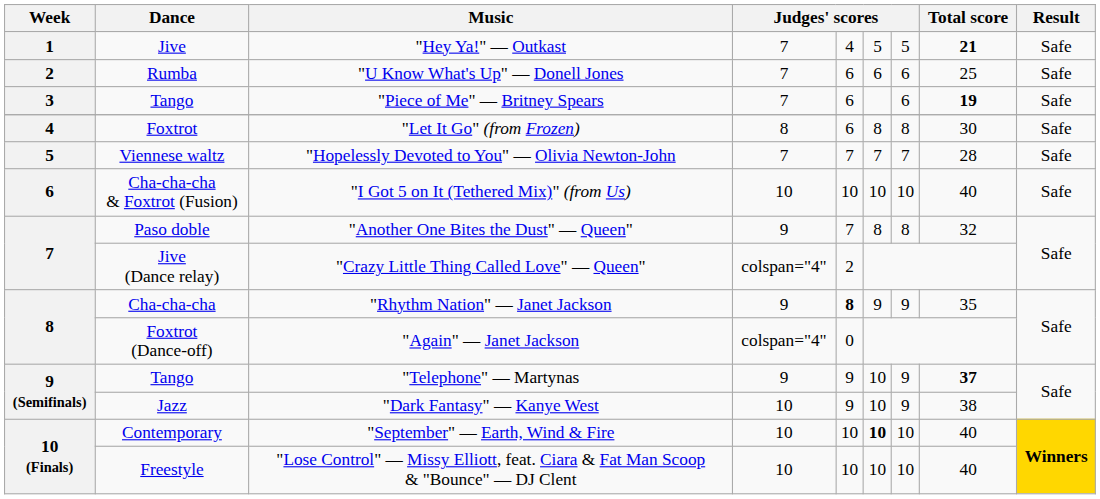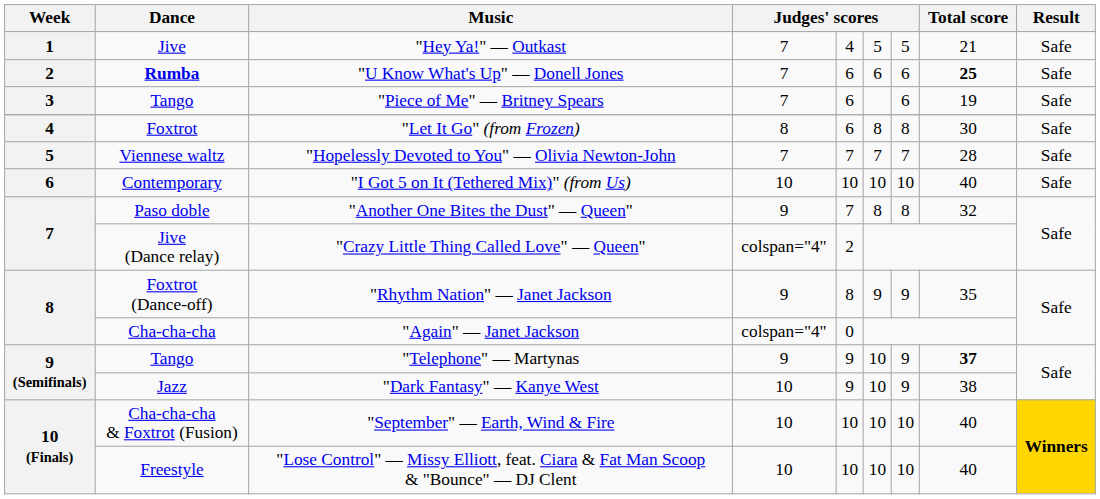 <table class="wikitable unsortable" style="text-align:center; width:80%">
 <tr>
 <th scope="col">Week</th>
 <th scope="col">Dance</th>
 <th scope="col">Music</th>
 <th scope="col" colspan="4">Judges' scores</th>
 <th scope="col">Total score</th>
 <th scope="col">Result</th>
 </tr>
 <tr>
 <th scope="row">1</th>
 <td><a href='#'>Jive</a></td>
 <td>"<a href='#'>Hey Ya!</a>" — <a href='#'>Outkast</a></td>
 <td>7</td>
 <td>4</td>
 <td>5</td>
 <td>5</td>
-<td><strong>21</strong></td>
+<td>21</td>
 <td>Safe</td>
 </tr>
 <tr>
 <th scope="row">2</th>
-<td><a href='#'>Rumba</a></td>
+<td><strong><a href='#'>Rumba</a></strong></td>
 <td>"<a href='#'>U Know What's Up</a>" — <a href='#'>Donell Jones</a></td>
 <td>7</td>
 <td>6</td>
 <td>6</td>
 <td>6</td>
-<td>25</td>
+<td><strong>25</strong></td>
 <td>Safe</td>
 </tr>
 <tr>
 <th scope="row">3</th>
 <td><a href='#'>Tango</a></td>
 <td>"<a href='#'>Piece of Me</a>" — <a href='#'>Britney Spears</a></td>
 <td>7</td>
 <td>6</td>
 <td></td>
 <td>6</td>
-<td><strong>19</strong></td>
+<td>19</td>
 <td>Safe</td>
 </tr>
 <tr>
 </tr>
 <tr>
 <th scope="row">4</th>
 <td><a href='#'>Foxtrot</a></td>
 <td>"<a href='#'>Let It Go</a>" <em>(from <a href='#'>Frozen</a>)</em></td>
 <td>8</td>
 <td>6</td>
 <td>8</td>
 <td>8</td>
 <td>30</td>
 <td>Safe</td>
 </tr>
 <tr>
 <th scope="row">5</th>
 <td><a href='#'>Viennese waltz</a></td>
 <td>"<a href='#'>Hopelessly Devoted to You</a>" — <a href='#'>Olivia Newton-John</a></td>
 <td>7</td>
 <td>7</td>
 <td>7</td>
 <td>7</td>
 <td>28</td>
 <td>Safe</td>
 </tr>
 <tr>
 <th scope="row">6</th>
-<td><a href='#'>Cha-cha-cha</a><br>& <a href='#'>Foxtrot</a> (Fusion)</td>
+<td><a href='#'>Contemporary</a></td>
 <td>"<a href='#'>I Got 5 on It (Tethered Mix)</a>" <em>(from <a href='#'>Us</a>)</em></td>
 <td>10</td>
 <td>10</td>
 <td>10</td>
 <td>10</td>
 <td>40</td>
 <td>Safe</td>
 </tr>
 <tr>
 <th rowspan="2" scope="row">7</th>
 <td><a href='#'>Paso doble</a></td>
 <td>"<a href='#'>Another One Bites the Dust</a>" — <a href='#'>Queen</a>"</td>
 <td>9</td>
 <td>7</td>
 <td>8</td>
 <td>8</td>
 <td>32</td>
 <td rowspan="2">Safe</td>
 </tr>
 <tr>
 <td><a href='#'>Jive</a><br>(Dance relay)</td>
 <td>"<a href='#'>Crazy Little Thing Called Love</a>" — <a href='#'>Queen</a>"</td>
 <td>colspan="4" </td>
 <td>2</td>
 </tr>
 <tr>
 <th rowspan="2" scope="row">8</th>
-<td><a href='#'>Cha-cha-cha</a></td>
+<td><a href='#'>Foxtrot</a><br>(Dance-off)</td>
 <td>"<a href='#'>Rhythm Nation</a>" — <a href='#'>Janet Jackson</a></td>
 <td>9</td>
-<td><strong>8</strong></td>
+<td>8</td>
 <td>9</td>
 <td>9</td>
 <td>35</td>
 <td rowspan="2">Safe</td>
 </tr>
 <tr>
-<td><a href='#'>Foxtrot</a><br>(Dance-off)</td>
+<td><a href='#'>Cha-cha-cha</a></td>
 <td>"<a href='#'>Again</a>" — <a href='#'>Janet Jackson</a></td>
 <td>colspan="4" </td>
 <td>0</td>
 </tr>
 <tr>
 <th rowspan="2" scope="row">9<br><small>(Semifinals)</small></th>
 <td><a href='#'>Tango</a></td>
 <td>"<a href='#'>Telephone</a>" — Martynas</td>
 <td>9</td>
 <td>9</td>
 <td>10</td>
 <td>9</td>
 <td><strong>37</strong></td>
 <td rowspan="2">Safe</td>
 </tr>
 <tr>
 <td><a href='#'>Jazz</a></td>
 <td>"<a href='#'>Dark Fantasy</a>" — <a href='#'>Kanye West</a></td>
 <td>10</td>
 <td>9</td>
 <td>10</td>
 <td>9</td>
 <td>38</td>
 </tr>
 <tr>
 <th rowspan="2" scope="row">10<br><small>(Finals)</small></th>
-<td><a href='#'>Contemporary</a></td>
+<td><a href='#'>Cha-cha-cha</a><br>& <a href='#'>Foxtrot</a> (Fusion)</td>
 <td>"<a href='#'>September</a>" — <a href='#'>Earth, Wind & Fire</a></td>
 <td>10</td>
 <td>10</td>
-<td><strong>10</strong></td>
+<td>10</td>
 <td>10</td>
 <td>40</td>
 <td rowspan="2" bgcolor=gold><strong>Winners</strong></td>
 </tr>
 <tr>
 <td><a href='#'>Freestyle</a></td>
 <td>"<a href='#'>Lose Control</a>" — <a href='#'>Missy Elliott</a>, feat. <a href='#'>Ciara</a> & <a href='#'>Fat Man Scoop</a><br>& "Bounce" — DJ Clent</td>
 <td>10</td>
 <td>10</td>
 <td>10</td>
 <td>10</td>
 <td>40</td>
 </tr>
 </table>
